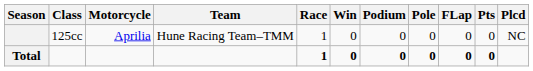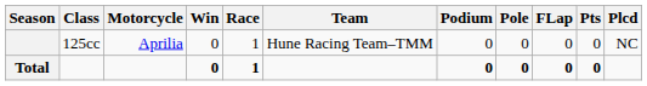 <table class="wikitable" style=text-align:right>
 <tr>
 <th>Season</th>
 <th>Class</th>
 <th>Motorcycle</th>
+<th>Win</th>
+<th>Race</th>
 <th>Team</th>
-<th>Race</th>
-<th>Win</th>
 <th>Podium</th>
 <th>Pole</th>
 <th>FLap</th>
 <th>Pts</th>
 <th>Plcd</th>
 </tr>
 <tr>
 <th></th>
 <td>125cc</td>
 <td><a href='#'>Aprilia</a></td>
+<td>0</td>
+<td>1</td>
 <td>Hune Racing Team–TMM</td>
-<td>1</td>
-<td>0</td>
 <td>0</td>
 <td>0</td>
 <td>0</td>
 <td>0</td>
 <td>NC</td>
 </tr>
 <tr>
 <th>Total</th>
 <td></td>
 <td></td>
+<td><strong>0</strong></td>
+<td><strong>1</strong></td>
 <td></td>
-<td><strong>1</strong></td>
-<td><strong>0</strong></td>
 <td><strong>0</strong></td>
 <td><strong>0</strong></td>
 <td><strong>0</strong></td>
 <td><strong>0</strong></td>
 <td></td>
 </tr>
 </table>
